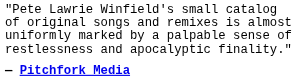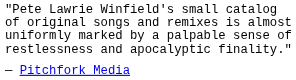 <table class="toccolours" style="float: left; margin-left: 1em; margin-right: 2em; font-size: 85%; background:offwhite; color:black; width:25em; max-width: 40%;" cellspacing="5">
 <tr>
 <td style="text-align: left;">"Pete Lawrie Winfield's small catalog of original songs and remixes is almost uniformly marked by a palpable sense of restlessness and apocalyptic finality."</td>
 </tr>
 <tr>
-<td style="text-align: left;"><strong>— <a href='#'>Pitchfork Media</a></strong></td>
+<td style="text-align: left;">— <a href='#'>Pitchfork Media</a></td>
 </tr>
 </table>
